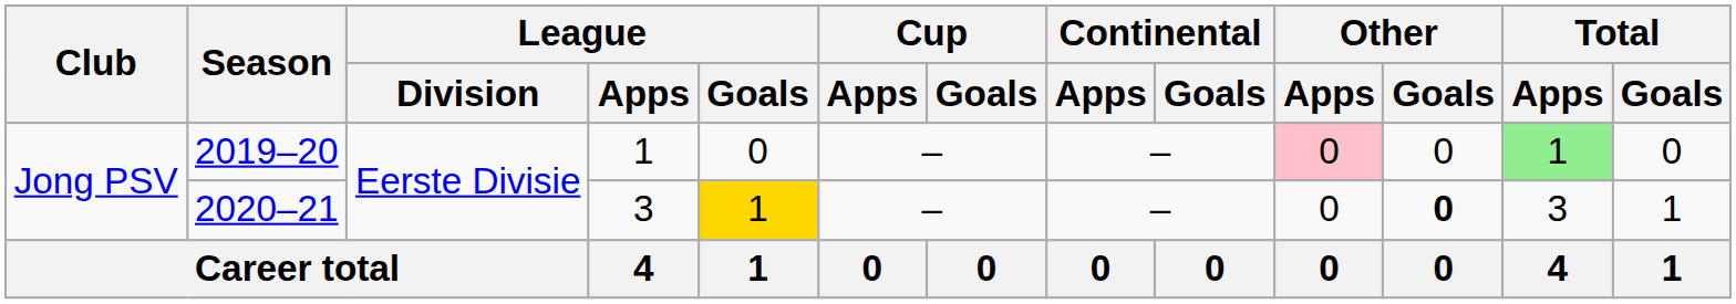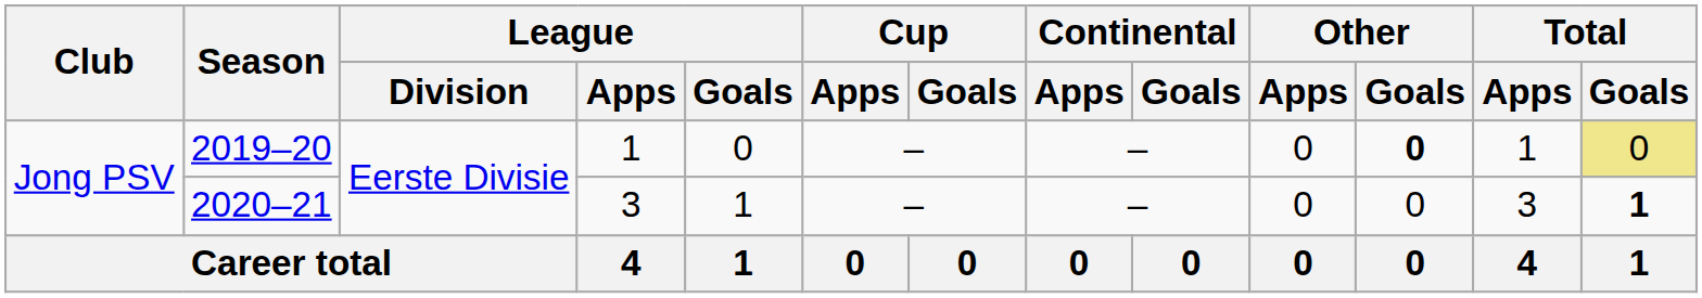 <table class="wikitable" style="text-align: center">
 <tr>
 <th rowspan="2">Club</th>
 <th rowspan="2">Season</th>
 <th colspan="3">League</th>
 <th colspan="2">Cup</th>
 <th colspan="2">Continental</th>
 <th colspan="2">Other</th>
 <th colspan="2">Total</th>
 </tr>
 <tr>
 <th>Division</th>
 <th>Apps</th>
 <th>Goals</th>
 <th>Apps</th>
 <th>Goals</th>
 <th>Apps</th>
 <th>Goals</th>
 <th>Apps</th>
 <th>Goals</th>
 <th>Apps</th>
 <th>Goals</th>
 </tr>
 <tr>
 <td rowspan="2"><a href='#'>Jong PSV</a></td>
 <td><a href='#'>2019–20</a></td>
 <td rowspan="2"><a href='#'>Eerste Divisie</a></td>
 <td>1</td>
 <td>0</td>
 <td colspan="2">–</td>
 <td colspan="2">–</td>
-<td style="background: pink;">0</td>
 <td>0</td>
-<td style="background: lightgreen;">1</td>
-<td>0</td>
+<td><strong>0</strong></td>
+<td>1</td>
+<td style="background: khaki;">0</td>
 </tr>
 <tr>
 <td><a href='#'>2020–21</a></td>
 <td>3</td>
-<td style="background: gold;">1</td>
+<td>1</td>
 <td colspan="2">–</td>
 <td colspan="2">–</td>
 <td>0</td>
-<td><strong>0</strong></td>
+<td>0</td>
 <td>3</td>
-<td>1</td>
+<td><strong>1</strong></td>
 </tr>
 <tr>
 <th colspan="3"><strong>Career total</strong></th>
 <th>4</th>
 <th>1</th>
 <th>0</th>
 <th>0</th>
 <th>0</th>
 <th>0</th>
 <th>0</th>
 <th>0</th>
 <th>4</th>
 <th>1</th>
 </tr>
 </table>
